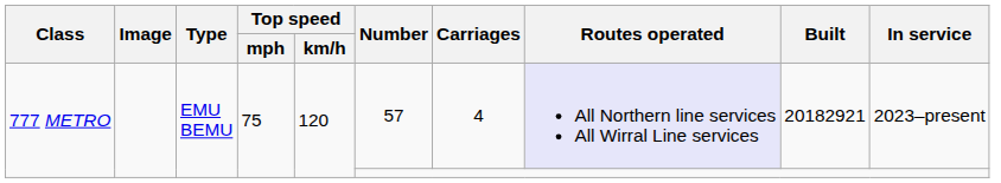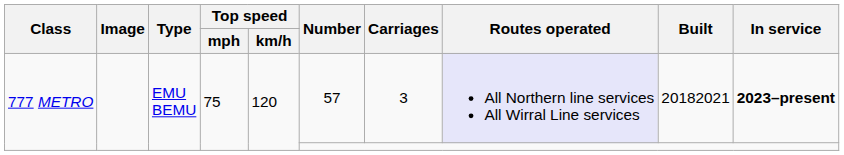 <table class="wikitable">
 <tr style="background:#f9f9f9;">
 <th rowspan="2">Class</th>
 <th rowspan="2">Image</th>
 <th rowspan="2">Type</th>
 <th colspan="2">Top speed</th>
 <th rowspan="2">Number</th>
 <th rowspan="2">Carriages</th>
 <th rowspan="2">Routes operated</th>
 <th rowspan="2">Built</th>
 <th rowspan="2">In service</th>
 </tr>
 <tr style="background:#f9f9f9;">
 <th> mph </th>
 <th> km/h </th>
 </tr>
 <tr>
 <td rowspan="2"><a href='#'>777</a> <a href='#'><em>METRO</em></a></td>
 <td rowspan="2"></td>
 <td rowspan="2"><a href='#'>EMU</a><br><a href='#'>BEMU</a></td>
 <td rowspan="2">75</td>
 <td rowspan="2">120</td>
 <td align="center">57</td>
-<td align="center">4</td>
+<td align="center">3</td>
 <td style="background: lavender;"><br><ul><li>All Northern line services</li><li>All Wirral Line services</li></ul></td>
-<td align="center">20182921</td>
-<td align="center">2023–present</td>
+<td align="center">20182021</td>
+<td align="center"><strong>2023–present</strong></td>
 </tr>
 <tr>
 <td colspan="5"></td>
 </tr>
 </table>
